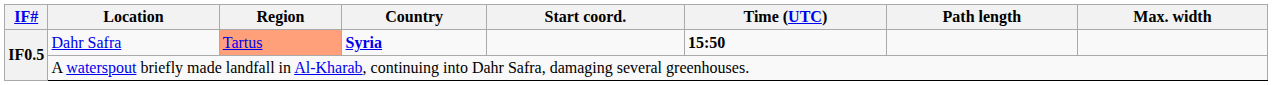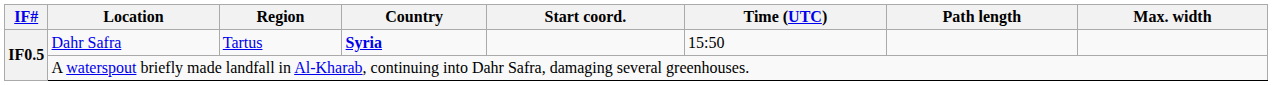 <table class="wikitable sortable" style="width:100%;">
 <tr>
 <th scope="col" width="2%" align="center"><a href='#'>IF#</a></th>
 <th scope="col" align="center" class="unsortable">Location</th>
 <th scope="col" align="center" class="unsortable">Region</th>
 <th scope="col" align="center">Country</th>
 <th scope="col" align="center">Start coord.</th>
 <th scope="col" align="center">Time (<a href='#'>UTC</a>)</th>
 <th scope="col" align="center">Path length</th>
 <th scope="col" align="center">Max. width</th>
 </tr>
 <tr>
 <th scope="row" rowspan="2" style="background-color:#">IF0.5</th>
 <td><a href='#'>Dahr Safra</a></td>
-<td style="background: lightsalmon;"><a href='#'>Tartus</a></td>
+<td><a href='#'>Tartus</a></td>
 <td><strong><a href='#'>Syria</a></strong></td>
 <td></td>
-<td><strong>15:50</strong></td>
+<td>15:50</td>
 <td></td>
 <td></td>
 </tr>
 <tr class="expand-child">
 <td colspan="8" style=" border-bottom: 1px solid black;">A <a href='#'>waterspout</a> briefly made landfall in <a href='#'>Al-Kharab</a>, continuing into Dahr Safra, damaging several greenhouses.</td>
 </tr>
 </table>
